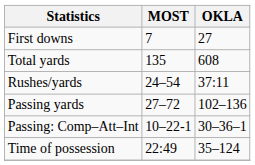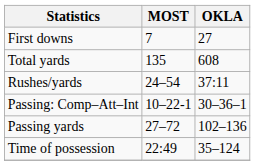 <table class="wikitable" style="float: left;">
 <tr>
 <th>Statistics</th>
 <th>MOST</th>
 <th>OKLA</th>
 </tr>
 <tr>
 <td>First downs</td>
 <td>7</td>
 <td>27</td>
 </tr>
 <tr>
 <td>Total yards</td>
 <td>135</td>
 <td>608</td>
 </tr>
 <tr>
 <td>Rushes/yards</td>
 <td>24–54</td>
 <td>37:11</td>
 </tr>
 <tr>
+<td>Passing: Comp–Att–Int</td>
+<td>10–22-1</td>
+<td>30–36–1</td>
+</tr>
+<tr>
 <td>Passing yards</td>
 <td>27–72</td>
 <td>102–136</td>
-</tr>
-<tr>
-<td>Passing: Comp–Att–Int</td>
-<td>10–22-1</td>
-<td>30–36–1</td>
 </tr>
 <tr>
 <td>Time of possession</td>
 <td>22:49</td>
 <td>35–124</td>
 </tr>
 <tr>
 </tr>
 </table>
